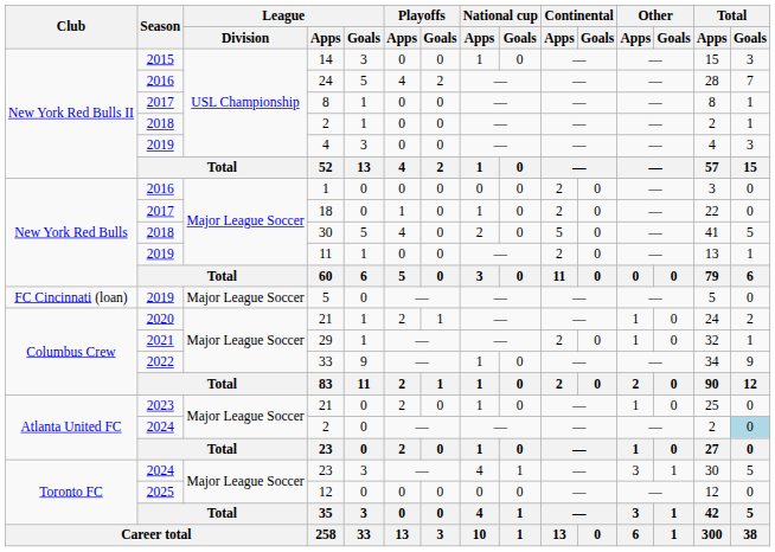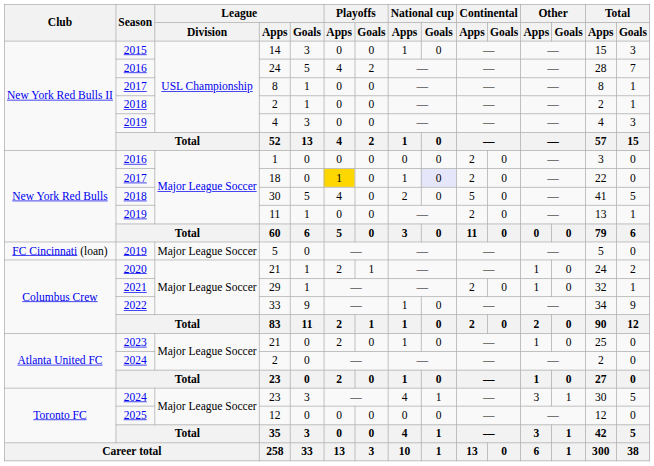 <table class="wikitable" style="text-align:center">
 <tr>
 <th rowspan="2">Club</th>
 <th rowspan="2">Season</th>
 <th colspan="3">League</th>
 <th colspan="2">Playoffs</th>
 <th colspan="2">National cup</th>
 <th colspan="2">Continental</th>
 <th colspan="2">Other</th>
 <th colspan="2">Total</th>
 </tr>
 <tr>
 <th>Division</th>
 <th>Apps</th>
 <th>Goals</th>
 <th>Apps</th>
 <th>Goals</th>
 <th>Apps</th>
 <th>Goals</th>
 <th>Apps</th>
 <th>Goals</th>
 <th>Apps</th>
 <th>Goals</th>
 <th>Apps</th>
 <th>Goals</th>
 </tr>
 <tr>
 <td rowspan="6"><a href='#'>New York Red Bulls II</a></td>
 <td><a href='#'>2015</a></td>
 <td rowspan="5"><a href='#'>USL Championship</a></td>
 <td>14</td>
 <td>3</td>
 <td>0</td>
 <td>0</td>
 <td>1</td>
 <td>0</td>
 <td colspan="2">—</td>
 <td colspan="2">—</td>
 <td>15</td>
 <td>3</td>
 </tr>
 <tr>
 <td><a href='#'>2016</a></td>
 <td>24</td>
 <td>5</td>
 <td>4</td>
 <td>2</td>
 <td colspan="2">—</td>
 <td colspan="2">—</td>
 <td colspan="2">—</td>
 <td>28</td>
 <td>7</td>
 </tr>
 <tr>
 <td><a href='#'>2017</a></td>
 <td>8</td>
 <td>1</td>
 <td>0</td>
 <td>0</td>
 <td colspan="2">—</td>
 <td colspan="2">—</td>
 <td colspan="2">—</td>
 <td>8</td>
 <td>1</td>
 </tr>
 <tr>
 <td><a href='#'>2018</a></td>
 <td>2</td>
 <td>1</td>
 <td>0</td>
 <td>0</td>
 <td colspan="2">—</td>
 <td colspan="2">—</td>
 <td colspan="2">—</td>
 <td>2</td>
 <td>1</td>
 </tr>
 <tr>
 <td><a href='#'>2019</a></td>
 <td>4</td>
 <td>3</td>
 <td>0</td>
 <td>0</td>
 <td colspan="2">—</td>
 <td colspan="2">—</td>
 <td colspan="2">—</td>
 <td>4</td>
 <td>3</td>
 </tr>
 <tr>
 <th colspan="2">Total</th>
 <th>52</th>
 <th>13</th>
 <th>4</th>
 <th>2</th>
 <th>1</th>
 <th>0</th>
 <th colspan="2">—</th>
 <th colspan="2">—</th>
 <th>57</th>
 <th>15</th>
 </tr>
 <tr>
 <td rowspan="5"><a href='#'>New York Red Bulls</a></td>
 <td><a href='#'>2016</a></td>
 <td rowspan="4"><a href='#'>Major League Soccer</a></td>
 <td>1</td>
 <td>0</td>
 <td>0</td>
 <td>0</td>
 <td>0</td>
 <td>0</td>
 <td>2</td>
 <td>0</td>
 <td colspan="2">—</td>
 <td>3</td>
 <td>0</td>
 </tr>
 <tr>
 <td><a href='#'>2017</a></td>
 <td>18</td>
 <td>0</td>
-<td>1</td>
+<td style="background: gold;">1</td>
 <td>0</td>
 <td>1</td>
-<td>0</td>
+<td style="background: lavender;">0</td>
 <td>2</td>
 <td>0</td>
 <td colspan="2">—</td>
 <td>22</td>
 <td>0</td>
 </tr>
 <tr>
 <td><a href='#'>2018</a></td>
 <td>30</td>
 <td>5</td>
 <td>4</td>
 <td>0</td>
 <td>2</td>
 <td>0</td>
 <td>5</td>
 <td>0</td>
 <td colspan="2">—</td>
 <td>41</td>
 <td>5</td>
 </tr>
 <tr>
 <td><a href='#'>2019</a></td>
 <td>11</td>
 <td>1</td>
 <td>0</td>
 <td>0</td>
 <td colspan="2">—</td>
 <td>2</td>
 <td>0</td>
 <td colspan="2">—</td>
 <td>13</td>
 <td>1</td>
 </tr>
 <tr>
 <th colspan="2">Total</th>
 <th>60</th>
 <th>6</th>
 <th>5</th>
 <th>0</th>
 <th>3</th>
 <th>0</th>
 <th>11</th>
 <th>0</th>
 <th>0</th>
 <th>0</th>
 <th>79</th>
 <th>6</th>
 </tr>
 <tr>
 <td><a href='#'>FC Cincinnati</a> (loan)</td>
 <td><a href='#'>2019</a></td>
 <td>Major League Soccer</td>
 <td>5</td>
 <td>0</td>
 <td colspan="2">—</td>
 <td colspan="2">—</td>
 <td colspan="2">—</td>
 <td colspan="2">—</td>
 <td>5</td>
 <td>0</td>
 </tr>
 <tr>
 <td rowspan="4"><a href='#'>Columbus Crew</a></td>
 <td><a href='#'>2020</a></td>
 <td rowspan="3">Major League Soccer</td>
 <td>21</td>
 <td>1</td>
 <td>2</td>
 <td>1</td>
 <td colspan="2">—</td>
 <td colspan="2">—</td>
 <td>1</td>
 <td>0</td>
 <td>24</td>
 <td>2</td>
 </tr>
 <tr>
 <td><a href='#'>2021</a></td>
 <td>29</td>
 <td>1</td>
 <td colspan="2">—</td>
 <td colspan="2">—</td>
 <td>2</td>
 <td>0</td>
 <td>1</td>
 <td>0</td>
 <td>32</td>
 <td>1</td>
 </tr>
 <tr>
 <td><a href='#'>2022</a></td>
 <td>33</td>
 <td>9</td>
 <td colspan="2">—</td>
 <td>1</td>
 <td>0</td>
 <td colspan="2">—</td>
 <td colspan="2">—</td>
 <td>34</td>
 <td>9</td>
 </tr>
 <tr>
 <th colspan="2">Total</th>
 <th>83</th>
 <th>11</th>
 <th>2</th>
 <th>1</th>
 <th>1</th>
 <th>0</th>
 <th>2</th>
 <th>0</th>
 <th>2</th>
 <th>0</th>
 <th>90</th>
 <th>12</th>
 </tr>
 <tr>
 <td rowspan="3"><a href='#'>Atlanta United FC</a></td>
 <td><a href='#'>2023</a></td>
 <td rowspan="2">Major League Soccer</td>
 <td>21</td>
 <td>0</td>
 <td>2</td>
 <td>0</td>
 <td>1</td>
 <td>0</td>
 <td colspan="2">—</td>
 <td>1</td>
 <td>0</td>
 <td>25</td>
 <td>0</td>
 </tr>
 <tr>
 <td><a href='#'>2024</a></td>
 <td>2</td>
 <td>0</td>
 <td colspan="2">—</td>
 <td colspan="2">—</td>
 <td colspan="2">—</td>
 <td colspan="2">—</td>
 <td>2</td>
-<td style="background: lightblue;">0</td>
+<td>0</td>
 </tr>
 <tr>
 <th colspan="2">Total</th>
 <th>23</th>
 <th>0</th>
 <th>2</th>
 <th>0</th>
 <th>1</th>
 <th>0</th>
 <th colspan="2">—</th>
 <th>1</th>
 <th>0</th>
 <th>27</th>
 <th>0</th>
 </tr>
 <tr>
 <td rowspan="3"><a href='#'>Toronto FC</a></td>
 <td><a href='#'>2024</a></td>
 <td rowspan="2">Major League Soccer</td>
 <td>23</td>
 <td>3</td>
 <td colspan="2">—</td>
 <td>4</td>
 <td>1</td>
 <td colspan="2">—</td>
 <td>3</td>
 <td>1</td>
 <td>30</td>
 <td>5</td>
 </tr>
 <tr>
 <td><a href='#'>2025</a></td>
 <td>12</td>
 <td>0</td>
 <td>0</td>
 <td>0</td>
 <td>0</td>
 <td>0</td>
 <td colspan="2">—</td>
 <td colspan="2">—</td>
 <td>12</td>
 <td>0</td>
 </tr>
 <tr>
 <th colspan="2">Total</th>
 <th>35</th>
 <th>3</th>
 <th>0</th>
 <th>0</th>
 <th>4</th>
 <th>1</th>
 <th colspan="2">—</th>
 <th>3</th>
 <th>1</th>
 <th>42</th>
 <th>5</th>
 </tr>
 <tr>
 <th colspan="3">Career total</th>
 <th>258</th>
 <th>33</th>
 <th>13</th>
 <th>3</th>
 <th>10</th>
 <th>1</th>
 <th>13</th>
 <th>0</th>
 <th>6</th>
 <th>1</th>
 <th>300</th>
 <th>38</th>
 </tr>
 </table>
